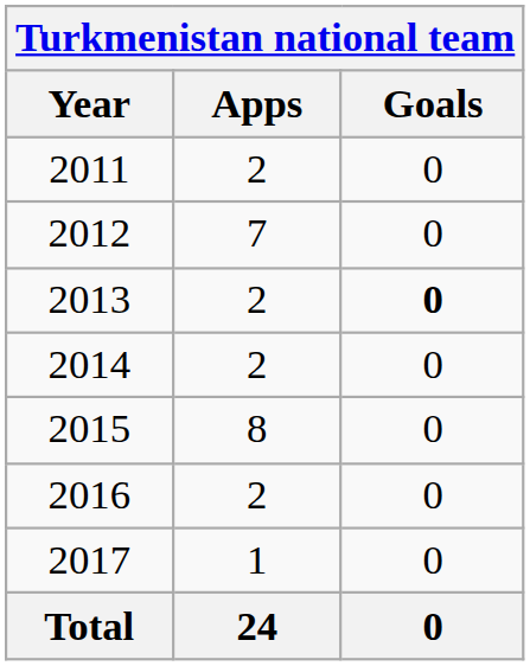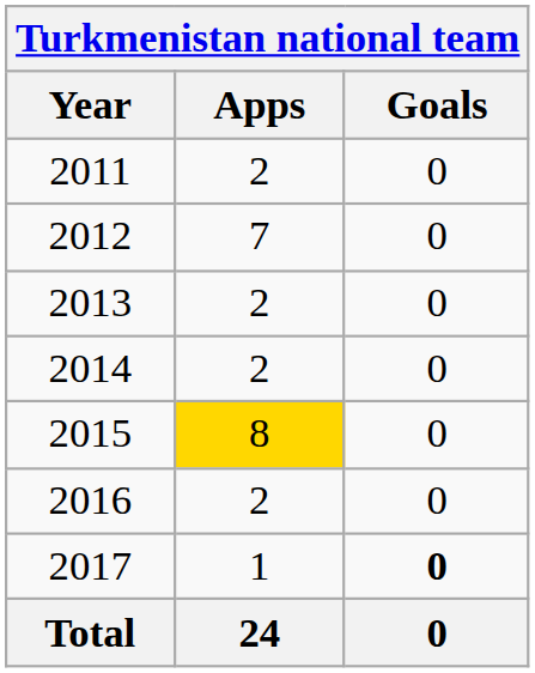 <table class="wikitable" style="text-align:center">
 <tr>
 <th colspan=3><a href='#'>Turkmenistan national team</a></th>
 </tr>
 <tr>
 <th>Year</th>
 <th>Apps</th>
 <th>Goals</th>
 </tr>
 <tr>
 <td>2011</td>
 <td>2</td>
 <td>0</td>
 </tr>
 <tr>
 <td>2012</td>
 <td>7</td>
 <td>0</td>
 </tr>
 <tr>
 <td>2013</td>
 <td>2</td>
-<td><strong>0</strong></td>
+<td>0</td>
 </tr>
 <tr>
 <td>2014</td>
 <td>2</td>
 <td>0</td>
 </tr>
 <tr>
 <td>2015</td>
-<td>8</td>
+<td style="background: gold;">8</td>
 <td>0</td>
 </tr>
 <tr>
 <td>2016</td>
 <td>2</td>
 <td>0</td>
 </tr>
 <tr>
 <td>2017</td>
 <td>1</td>
-<td>0</td>
+<td><strong>0</strong></td>
 </tr>
 <tr>
 <th>Total</th>
 <th>24</th>
 <th>0</th>
 </tr>
 </table>
